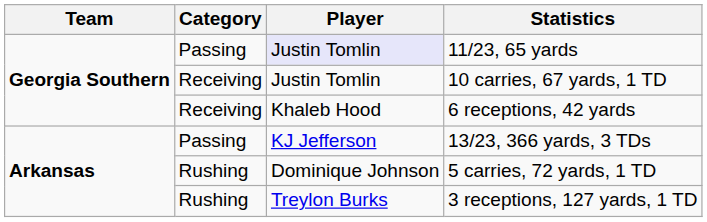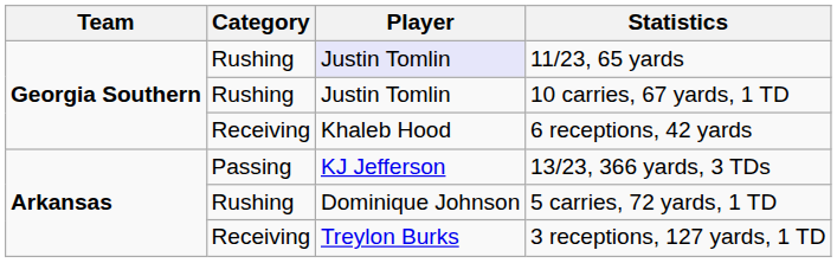 <table class="wikitable" style="float: left;">
 <tr>
 <th>Team</th>
 <th>Category</th>
 <th>Player</th>
 <th>Statistics</th>
 </tr>
 <tr>
 <td rowspan=3><strong>Georgia Southern</strong></td>
-<td>Passing</td>
+<td>Rushing</td>
 <td style="background: lavender;">Justin Tomlin</td>
 <td>11/23, 65 yards</td>
 </tr>
 <tr>
-<td>Receiving</td>
+<td>Rushing</td>
 <td>Justin Tomlin</td>
 <td>10 carries, 67 yards, 1 TD</td>
 </tr>
 <tr>
 <td>Receiving</td>
 <td>Khaleb Hood</td>
 <td>6 receptions, 42 yards</td>
 </tr>
 <tr>
 <td rowspan=3><strong>Arkansas</strong></td>
 <td>Passing</td>
 <td><a href='#'>KJ Jefferson</a></td>
 <td>13/23, 366 yards, 3 TDs</td>
 </tr>
 <tr>
 <td>Rushing</td>
 <td>Dominique Johnson</td>
 <td>5 carries, 72 yards, 1 TD</td>
 </tr>
 <tr>
-<td>Rushing</td>
+<td>Receiving</td>
 <td><a href='#'>Treylon Burks</a></td>
 <td>3 receptions, 127 yards, 1 TD</td>
 </tr>
 </table>
